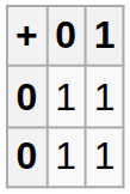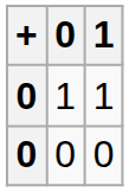 <table class="wikitable" style="text-align:center; margin: auto;">
 <tr>
 <th>+</th>
 <th>0</th>
 <th>1</th>
 </tr>
 <tr>
 <th>0</th>
 <td>1</td>
 <td>1</td>
 </tr>
 <tr>
 <th>0</th>
-<td>1</td>
-<td>1</td>
+<td>0</td>
+<td>0</td>
 </tr>
 </table>
